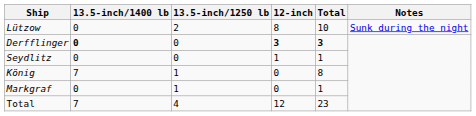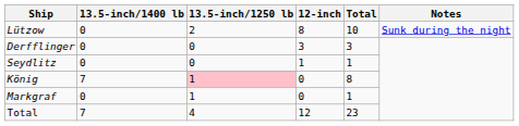 <table class="wikitable">
 <tr>
 <th>Ship</th>
 <th>13.5-inch/1400 lb</th>
 <th>13.5-inch/1250 lb</th>
 <th>12-inch</th>
 <th>Total</th>
 <th>Notes</th>
 </tr>
 <tr>
 <td><em>Lützow</em></td>
 <td>0</td>
 <td>2</td>
 <td>8</td>
 <td>10</td>
 <td><a href='#'>Sunk during the night</a></td>
 </tr>
 <tr>
 <td><em>Derfflinger</em></td>
-<td><strong>0</strong></td>
 <td>0</td>
-<td><strong>3</strong></td>
-<td><strong>3</strong></td>
+<td>0</td>
+<td>3</td>
+<td>3</td>
 </tr>
 <tr>
 <td><em>Seydlitz</em></td>
 <td>0</td>
 <td>0</td>
 <td>1</td>
 <td>1</td>
 </tr>
 <tr>
 <td><em>König</em></td>
 <td>7</td>
-<td>1</td>
+<td style="background: pink;">1</td>
 <td>0</td>
 <td>8</td>
 </tr>
 <tr>
 <td><em>Markgraf</em></td>
 <td>0</td>
 <td>1</td>
 <td>0</td>
 <td>1</td>
 </tr>
 <tr>
 <td>Total</td>
 <td>7</td>
 <td>4</td>
 <td>12</td>
 <td>23</td>
 </tr>
 </table>
